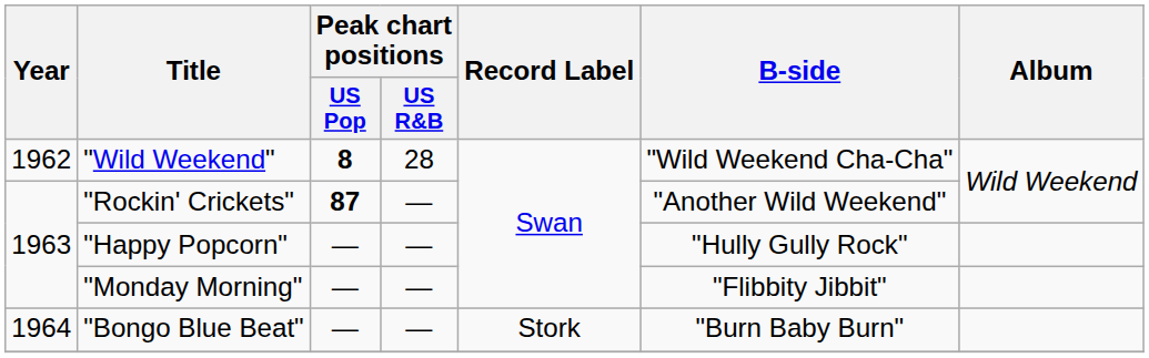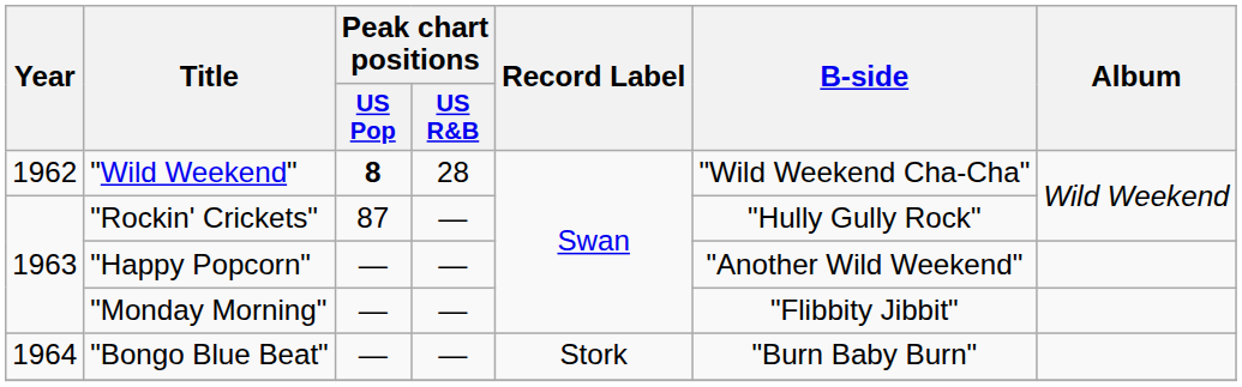 <table class="wikitable" style=text-align:center;>
 <tr>
 <th rowspan="2">Year</th>
 <th rowspan="2">Title</th>
 <th colspan="2">Peak chart<br>positions</th>
 <th rowspan="2">Record Label</th>
 <th rowspan="2"><a href='#'>B-side</a></th>
 <th rowspan="2">Album</th>
 </tr>
 <tr style="font-size:smaller;">
 <th align=centre><a href='#'>US<br>Pop</a></th>
 <th align=centre><a href='#'>US<br>R&B</a></th>
 </tr>
 <tr>
 <td rowspan="1">1962</td>
 <td align=left>"<a href='#'>Wild Weekend</a>"</td>
 <td><strong>8</strong></td>
 <td>28</td>
 <td rowspan="4"><a href='#'>Swan</a></td>
 <td rowspan="1">"Wild Weekend Cha-Cha"</td>
 <td rowspan="2"><em>Wild Weekend</em></td>
 </tr>
 <tr>
 <td rowspan="3">1963</td>
 <td align=left>"Rockin' Crickets"</td>
-<td><strong>87</strong></td>
+<td>87</td>
 <td>—</td>
-<td rowspan="1">"Another Wild Weekend"</td>
+<td rowspan="1">"Hully Gully Rock"</td>
 </tr>
 <tr>
 <td align=left>"Happy Popcorn"</td>
 <td>—</td>
 <td>—</td>
-<td rowspan="1">"Hully Gully Rock"</td>
+<td rowspan="1">"Another Wild Weekend"</td>
 <td rowspan="1"></td>
 </tr>
 <tr>
 <td align=left>"Monday Morning"</td>
 <td>—</td>
 <td>—</td>
 <td rowspan="1">"Flibbity Jibbit"</td>
 <td rowspan="1"></td>
 </tr>
 <tr>
 <td rowspan="1">1964</td>
 <td align=left>"Bongo Blue Beat"</td>
 <td>—</td>
 <td>—</td>
 <td rowspan="1">Stork</td>
 <td rowspan="1">"Burn Baby Burn"</td>
 <td rowspan="1"></td>
 </tr>
 <tr>
 </tr>
 </table>
